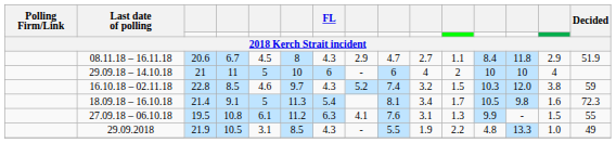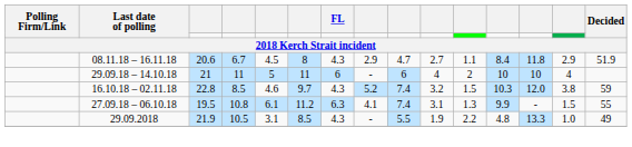 <table class="wikitable" style="text-align:center;font-size:95%;line-height:14px;">
 <tr style="height:40px; background-color:#E9E9E9">
 <th rowspan="2" style="width:99px;">Polling Firm/Link</th>
 <th rowspan="2" style="width:150px;">Last date<br>of polling</th>
 <th style="width:40px;"></th>
 <th style="width:40px;"></th>
 <th style="width:40px;"></th>
 <th style="width:40px;"></th>
 <th style="width:40px;"><a href='#'>FL</a></th>
 <th style="width:40px;"></th>
 <th style="width:40px;"></th>
 <th style="width:40px;"></th>
 <th style="width:40px;"></th>
 <th style="width:40px;"></th>
 <th style="width:40px;"></th>
 <th style="width:40px;"></th>
 <th style="width:40px;" rowspan=2>Decided</th>
 </tr>
 <tr>
 <td style="background:"></td>
 <td style="background:"></td>
 <td style="background:"></td>
 <td style="background:"></td>
 <td style="background:"></td>
 <td style="background:"></td>
 <td style="background:"></td>
 <td style="background:"></td>
 <td style="background:#00FF00" ></td>
 <td style="background:"></td>
 <td style="background:"></td>
 <td style="background:#00AE4C" ></td>
 </tr>
 <tr>
 <th style="text-align: center;" colspan="15"><strong><a href='#'>2018 Kerch Strait incident</a></strong></th>
 </tr>
 <tr>
 <td></td>
 <td>08.11.18 – 16.11.18</td>
 <td bgcolor="#bfe4ff" >20.6</td>
 <td bgcolor="#bfe4ff" >6.7</td>
 <td>4.5</td>
 <td bgcolor="#bfe4ff" >8</td>
 <td>4.3</td>
 <td>2.9</td>
 <td>4.7</td>
 <td>2.7</td>
 <td>1.1</td>
 <td bgcolor="#bfe4ff" >8.4</td>
 <td bgcolor="#bfe4ff" >11.8</td>
 <td>2.9</td>
 <td>51.9</td>
 </tr>
 <tr>
 <td></td>
 <td>29.09.18 – 14.10.18</td>
 <td bgcolor="#bfe4ff" >21</td>
 <td bgcolor="#bfe4ff" >11</td>
 <td bgcolor="#bfe4ff" >5</td>
-<td bgcolor="#bfe4ff" >10</td>
+<td bgcolor="#bfe4ff" >11</td>
 <td bgcolor="#bfe4ff" >6</td>
 <td>-</td>
 <td bgcolor="#bfe4ff" >6</td>
 <td>4</td>
 <td>2</td>
 <td bgcolor="#bfe4ff" >10</td>
 <td bgcolor="#bfe4ff" >10</td>
 <td>4</td>
 <td></td>
 </tr>
 <tr>
 <td></td>
 <td>16.10.18 – 02.11.18</td>
 <td bgcolor="#bfe4ff" >22.8</td>
 <td bgcolor="#bfe4ff" >8.5</td>
 <td>4.6</td>
 <td bgcolor="#bfe4ff" >9.7</td>
 <td>4.3</td>
 <td bgcolor="#bfe4ff" >5.2</td>
 <td bgcolor="#bfe4ff" >7.4</td>
 <td>3.2</td>
 <td>1.5</td>
 <td bgcolor="#bfe4ff" >10.3</td>
 <td bgcolor="#bfe4ff" >12.0</td>
 <td>3.8</td>
 <td>59</td>
 </tr>
 <tr>
-<td></td>
-<td>18.09.18 – 16.10.18</td>
-<td bgcolor="#bfe4ff" >21.4</td>
-<td bgcolor="#bfe4ff" >9.1</td>
-<td bgcolor="#bfe4ff" >5</td>
-<td bgcolor="#bfe4ff" >11.3</td>
-<td bgcolor="#bfe4ff" >5.4</td>
-<td></td>
-<td bgcolor="#bfe4ff" >8.1</td>
-<td>3.4</td>
-<td>1.7</td>
-<td bgcolor="#bfe4ff" >10.5</td>
-<td bgcolor="#bfe4ff" >9.8</td>
-<td>1.6</td>
-<td>72.3</td>
-</tr>
-<tr>
 <td> </td>
 <td>27.09.18 – 06.10.18</td>
 <td bgcolor="#bfe4ff" >19.5</td>
 <td bgcolor="#bfe4ff" >10.8</td>
 <td bgcolor="#bfe4ff" >6.1</td>
 <td bgcolor="#bfe4ff" >11.2</td>
 <td bgcolor="#bfe4ff" >6.3</td>
 <td>4.1</td>
-<td bgcolor="#bfe4ff" >7.6</td>
+<td bgcolor="#bfe4ff" >7.4</td>
 <td>3.1</td>
 <td>1.3</td>
 <td bgcolor="#bfe4ff" >9.9</td>
 <td>-</td>
 <td>1.5</td>
 <td>55</td>
 </tr>
 <tr>
 <td></td>
 <td>29.09.2018</td>
 <td bgcolor="#bfe4ff" >21.9</td>
 <td bgcolor="#bfe4ff" >10.5</td>
 <td>3.1</td>
 <td bgcolor="#bfe4ff" >8.5</td>
 <td>4.3</td>
 <td>-</td>
 <td bgcolor="#bfe4ff" >5.5</td>
 <td>1.9</td>
 <td>2.2</td>
 <td>4.8</td>
 <td bgcolor="#bfe4ff" >13.3</td>
 <td>1.0</td>
 <td>49</td>
 </tr>
 <tr>
 </tr>
 </table>
